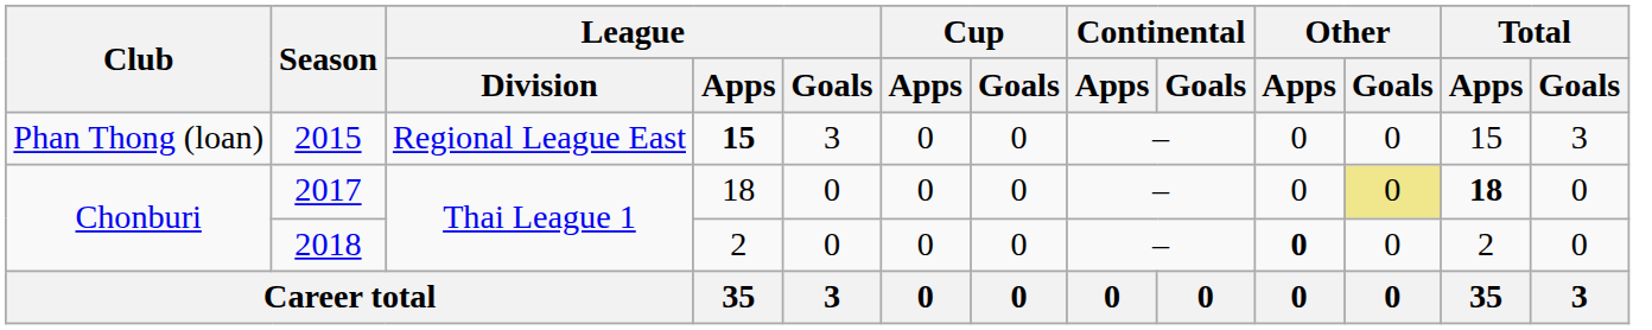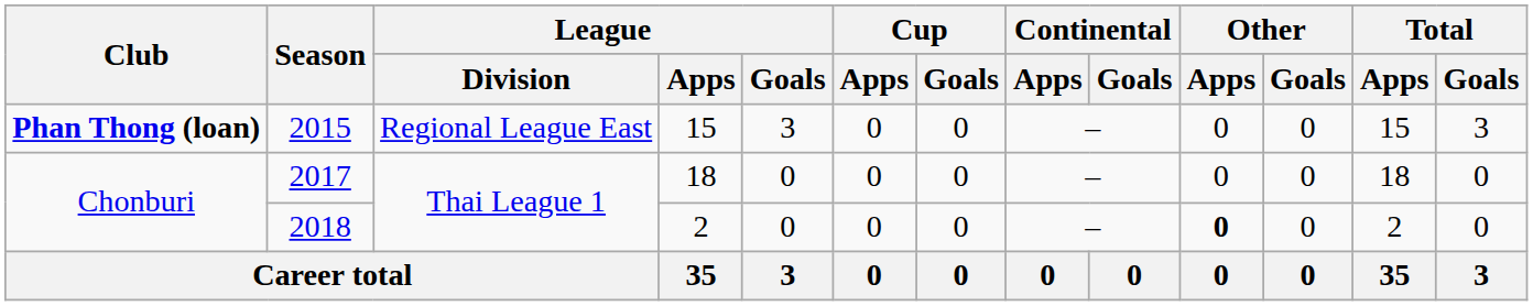 <table class="wikitable" style="text-align: center">
 <tr>
 <th rowspan="2">Club</th>
 <th rowspan="2">Season</th>
 <th colspan="3">League</th>
 <th colspan="2">Cup</th>
 <th colspan="2">Continental</th>
 <th colspan="2">Other</th>
 <th colspan="2">Total</th>
 </tr>
 <tr>
 <th>Division</th>
 <th>Apps</th>
 <th>Goals</th>
 <th>Apps</th>
 <th>Goals</th>
 <th>Apps</th>
 <th>Goals</th>
 <th>Apps</th>
 <th>Goals</th>
 <th>Apps</th>
 <th>Goals</th>
 </tr>
 <tr>
-<td><a href='#'>Phan Thong</a> (loan)</td>
+<td><strong><a href='#'>Phan Thong</a> (loan)</strong></td>
 <td><a href='#'>2015</a></td>
 <td><a href='#'>Regional League East</a></td>
-<td><strong>15</strong></td>
+<td>15</td>
 <td>3</td>
 <td>0</td>
 <td>0</td>
 <td colspan="2">–</td>
 <td>0</td>
 <td>0</td>
 <td>15</td>
 <td>3</td>
 </tr>
 <tr>
 <td rowspan="2"><a href='#'>Chonburi</a></td>
 <td><a href='#'>2017</a></td>
 <td rowspan="2"><a href='#'>Thai League 1</a></td>
 <td>18</td>
 <td>0</td>
 <td>0</td>
 <td>0</td>
 <td colspan="2">–</td>
 <td>0</td>
-<td style="background: khaki;">0</td>
-<td><strong>18</strong></td>
+<td>0</td>
+<td>18</td>
 <td>0</td>
 </tr>
 <tr>
 <td><a href='#'>2018</a></td>
 <td>2</td>
 <td>0</td>
 <td>0</td>
 <td>0</td>
 <td colspan="2">–</td>
 <td><strong>0</strong></td>
 <td>0</td>
 <td>2</td>
 <td>0</td>
 </tr>
 <tr>
 <th colspan="3"><strong>Career total</strong></th>
 <th>35</th>
 <th>3</th>
 <th>0</th>
 <th>0</th>
 <th>0</th>
 <th>0</th>
 <th>0</th>
 <th>0</th>
 <th>35</th>
 <th>3</th>
 </tr>
 </table>
